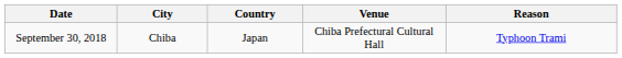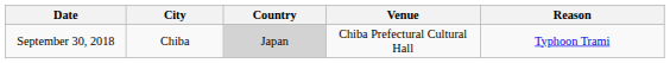 <table class="wikitable" style="text-align:center;">
 <tr>
 <th scope="col" style="width:12em;">Date</th>
 <th scope="col" style="width:10em;">City</th>
 <th scope="col" style="width:10em;">Country</th>
 <th scope="col" style="width:16em;">Venue</th>
 <th scope="col" style="width:20em;">Reason</th>
 </tr>
 <tr>
 <td>September 30, 2018</td>
 <td>Chiba</td>
-<td>Japan</td>
+<td style="background: lightgrey;">Japan</td>
 <td>Chiba Prefectural Cultural Hall</td>
 <td rowspan="2"><a href='#'>Typhoon Trami</a></td>
 </tr>
 </table>
